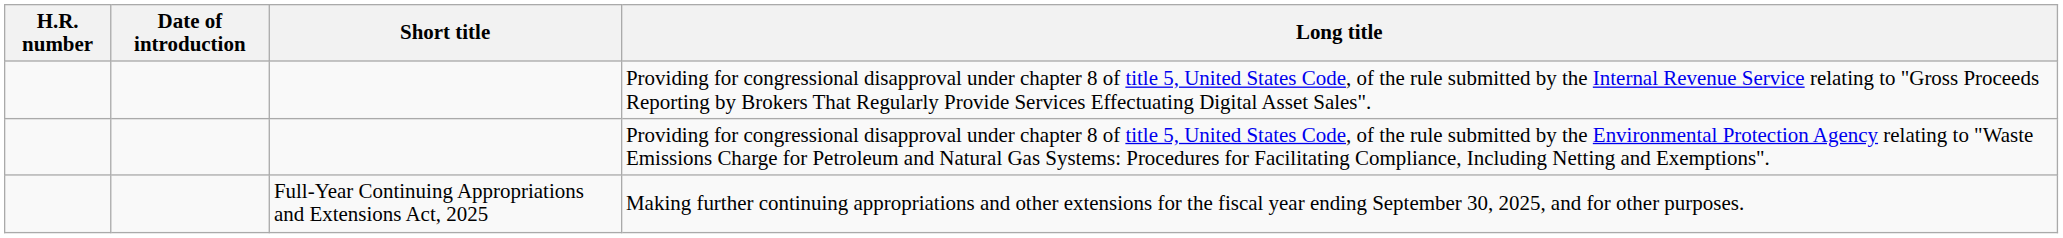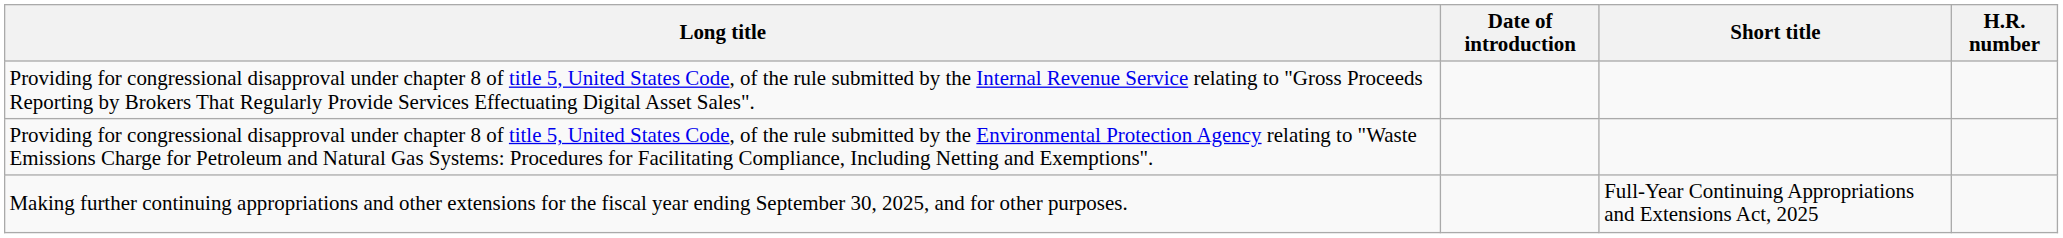 <table class="wikitable">
 <tr>
-<th>H.R. number</th>
+<th>Long title</th>
 <th>Date of introduction</th>
 <th>Short title</th>
-<th>Long title</th>
+<th>H.R. number</th>
 </tr>
 <tr>
+<td>Providing for congressional disapproval under chapter 8 of <a href='#'>title 5, United States Code</a>, of the rule submitted by the <a href='#'>Internal Revenue Service</a> relating to "Gross Proceeds Reporting by Brokers That Regularly Provide Services Effectuating Digital Asset Sales".</td>
 <td></td>
 <td></td>
 <td></td>
-<td>Providing for congressional disapproval under chapter 8 of <a href='#'>title 5, United States Code</a>, of the rule submitted by the <a href='#'>Internal Revenue Service</a> relating to "Gross Proceeds Reporting by Brokers That Regularly Provide Services Effectuating Digital Asset Sales".</td>
 </tr>
 <tr>
+<td>Providing for congressional disapproval under chapter 8 of <a href='#'>title 5, United States Code</a>, of the rule submitted by the <a href='#'>Environmental Protection Agency</a> relating to "Waste Emissions Charge for Petroleum and Natural Gas Systems: Procedures for Facilitating Compliance, Including Netting and Exemptions".</td>
 <td></td>
 <td></td>
 <td></td>
-<td>Providing for congressional disapproval under chapter 8 of <a href='#'>title 5, United States Code</a>, of the rule submitted by the <a href='#'>Environmental Protection Agency</a> relating to "Waste Emissions Charge for Petroleum and Natural Gas Systems: Procedures for Facilitating Compliance, Including Netting and Exemptions".</td>
 </tr>
 <tr>
-<td></td>
+<td>Making further continuing appropriations and other extensions for the fiscal year ending September 30, 2025, and for other purposes.</td>
 <td></td>
 <td>Full-Year Continuing Appropriations and Extensions Act, 2025</td>
-<td>Making further continuing appropriations and other extensions for the fiscal year ending September 30, 2025, and for other purposes.</td>
+<td></td>
 </tr>
 </table>
